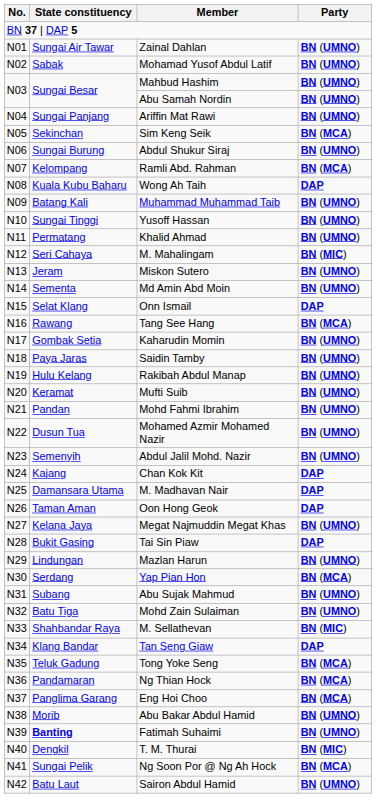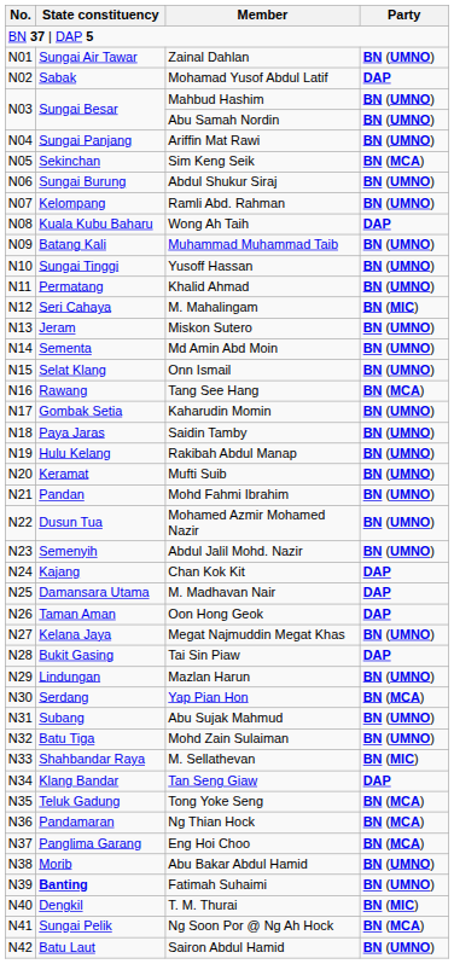 <table class="wikitable sortable">
 <tr>
 <th style="width:30px;">No.</th>
 <th style="width:150px;">State constituency</th>
 <th style="width:230px;">Member</th>
 <th style="width:100px;">Party</th>
 </tr>
 <tr>
 <td colspan="4"><a href='#'>BN</a> <strong>37</strong> | <a href='#'>DAP</a> <strong>5</strong></td>
 </tr>
 <tr>
 <td>N01</td>
 <td><a href='#'>Sungai Air Tawar</a></td>
 <td>Zainal Dahlan</td>
 <td><strong><a href='#'>BN</a></strong> (<strong><a href='#'>UMNO</a></strong>)</td>
 </tr>
 <tr>
 <td>N02</td>
 <td><a href='#'>Sabak</a></td>
 <td>Mohamad Yusof Abdul Latif</td>
-<td><strong><a href='#'>BN</a></strong> (<strong><a href='#'>UMNO</a></strong>)</td>
+<td><strong><a href='#'>DAP</a></strong></td>
 </tr>
 <tr>
 <td rowspan=2>N03</td>
 <td rowspan=2><a href='#'>Sungai Besar</a></td>
 <td>Mahbud Hashim </td>
 <td><strong><a href='#'>BN</a></strong> (<strong><a href='#'>UMNO</a></strong>)</td>
 </tr>
 <tr>
 <td>Abu Samah Nordin </td>
 <td><strong><a href='#'>BN</a></strong> (<strong><a href='#'>UMNO</a></strong>)</td>
 </tr>
 <tr>
 <td>N04</td>
 <td><a href='#'>Sungai Panjang</a></td>
 <td>Ariffin Mat Rawi</td>
 <td><strong><a href='#'>BN</a></strong> (<strong><a href='#'>UMNO</a></strong>)</td>
 </tr>
 <tr>
 <td>N05</td>
 <td><a href='#'>Sekinchan</a></td>
 <td>Sim Keng Seik</td>
 <td><strong><a href='#'>BN</a></strong> (<strong><a href='#'>MCA</a></strong>)</td>
 </tr>
 <tr>
 <td>N06</td>
 <td><a href='#'>Sungai Burung</a></td>
 <td>Abdul Shukur Siraj</td>
 <td><strong><a href='#'>BN</a></strong> (<strong><a href='#'>UMNO</a></strong>)</td>
 </tr>
 <tr>
 <td>N07</td>
 <td><a href='#'>Kelompang</a></td>
 <td>Ramli Abd. Rahman</td>
-<td><strong><a href='#'>BN</a></strong> (<strong><a href='#'>MCA</a></strong>)</td>
+<td><strong><a href='#'>BN</a></strong> (<strong><a href='#'>UMNO</a></strong>)</td>
 </tr>
 <tr>
 <td>N08</td>
 <td><a href='#'>Kuala Kubu Baharu</a></td>
 <td>Wong Ah Taih</td>
 <td><strong><a href='#'>DAP</a></strong></td>
 </tr>
 <tr>
 <td>N09</td>
 <td><a href='#'>Batang Kali</a></td>
 <td><a href='#'>Muhammad Muhammad Taib</a></td>
 <td><strong><a href='#'>BN</a></strong> (<strong><a href='#'>UMNO</a></strong>)</td>
 </tr>
 <tr>
 <td>N10</td>
 <td><a href='#'>Sungai Tinggi</a></td>
 <td>Yusoff Hassan</td>
 <td><strong><a href='#'>BN</a></strong> (<strong><a href='#'>UMNO</a></strong>)</td>
 </tr>
 <tr>
 <td>N11</td>
 <td><a href='#'>Permatang</a></td>
 <td>Khalid Ahmad</td>
 <td><strong><a href='#'>BN</a></strong> (<strong><a href='#'>UMNO</a></strong>)</td>
 </tr>
 <tr>
 <td>N12</td>
 <td><a href='#'>Seri Cahaya</a></td>
 <td>M. Mahalingam</td>
 <td><strong><a href='#'>BN</a></strong> (<strong><a href='#'>MIC</a></strong>)</td>
 </tr>
 <tr>
 <td>N13</td>
 <td><a href='#'>Jeram</a></td>
 <td>Miskon Sutero</td>
 <td><strong><a href='#'>BN</a></strong> (<strong><a href='#'>UMNO</a></strong>)</td>
 </tr>
 <tr>
 <td>N14</td>
 <td><a href='#'>Sementa</a></td>
 <td>Md Amin Abd Moin</td>
 <td><strong><a href='#'>BN</a></strong> (<strong><a href='#'>UMNO</a></strong>)</td>
 </tr>
 <tr>
 <td>N15</td>
 <td><a href='#'>Selat Klang</a></td>
 <td>Onn Ismail</td>
-<td><strong><a href='#'>DAP</a></strong></td>
+<td><strong><a href='#'>BN</a></strong> (<strong><a href='#'>UMNO</a></strong>)</td>
 </tr>
 <tr>
 <td>N16</td>
 <td><a href='#'>Rawang</a></td>
 <td>Tang See Hang</td>
 <td><strong><a href='#'>BN</a></strong> (<strong><a href='#'>MCA</a></strong>)</td>
 </tr>
 <tr>
 <td>N17</td>
 <td><a href='#'>Gombak Setia</a></td>
 <td>Kaharudin Momin</td>
 <td><strong><a href='#'>BN</a></strong> (<strong><a href='#'>UMNO</a></strong>)</td>
 </tr>
 <tr>
 <td>N18</td>
 <td><a href='#'>Paya Jaras</a></td>
 <td>Saidin Tamby</td>
 <td><strong><a href='#'>BN</a></strong> (<strong><a href='#'>UMNO</a></strong>)</td>
 </tr>
 <tr>
 <td>N19</td>
 <td><a href='#'>Hulu Kelang</a></td>
 <td>Rakibah Abdul Manap</td>
 <td><strong><a href='#'>BN</a></strong> (<strong><a href='#'>UMNO</a></strong>)</td>
 </tr>
 <tr>
 <td>N20</td>
 <td><a href='#'>Keramat</a></td>
 <td>Mufti Suib</td>
 <td><strong><a href='#'>BN</a></strong> (<strong><a href='#'>UMNO</a></strong>)</td>
 </tr>
 <tr>
 <td>N21</td>
 <td><a href='#'>Pandan</a></td>
 <td>Mohd Fahmi Ibrahim</td>
 <td><strong><a href='#'>BN</a></strong> (<strong><a href='#'>UMNO</a></strong>)</td>
 </tr>
 <tr>
 <td>N22</td>
 <td><a href='#'>Dusun Tua</a></td>
 <td>Mohamed Azmir Mohamed Nazir</td>
 <td><strong><a href='#'>BN</a></strong> (<strong><a href='#'>UMNO</a></strong>)</td>
 </tr>
 <tr>
 <td>N23</td>
 <td><a href='#'>Semenyih</a></td>
 <td>Abdul Jalil Mohd. Nazir</td>
 <td><strong><a href='#'>BN</a></strong> (<strong><a href='#'>UMNO</a></strong>)</td>
 </tr>
 <tr>
 <td>N24</td>
 <td><a href='#'>Kajang</a></td>
 <td>Chan Kok Kit</td>
 <td><strong><a href='#'>DAP</a></strong></td>
 </tr>
 <tr>
 <td>N25</td>
 <td><a href='#'>Damansara Utama</a></td>
 <td>M. Madhavan Nair</td>
 <td><strong><a href='#'>DAP</a></strong></td>
 </tr>
 <tr>
 <td>N26</td>
 <td><a href='#'>Taman Aman</a></td>
 <td>Oon Hong Geok</td>
 <td><strong><a href='#'>DAP</a></strong></td>
 </tr>
 <tr>
 <td>N27</td>
 <td><a href='#'>Kelana Jaya</a></td>
 <td>Megat Najmuddin Megat Khas</td>
 <td><strong><a href='#'>BN</a></strong> (<strong><a href='#'>UMNO</a></strong>)</td>
 </tr>
 <tr>
 <td>N28</td>
 <td><a href='#'>Bukit Gasing</a></td>
 <td>Tai Sin Piaw</td>
 <td><strong><a href='#'>DAP</a></strong></td>
 </tr>
 <tr>
 <td>N29</td>
 <td><a href='#'>Lindungan</a></td>
 <td>Mazlan Harun</td>
 <td><strong><a href='#'>BN</a></strong> (<strong><a href='#'>UMNO</a></strong>)</td>
 </tr>
 <tr>
 <td>N30</td>
 <td><a href='#'>Serdang</a></td>
 <td><a href='#'>Yap Pian Hon</a></td>
 <td><strong><a href='#'>BN</a></strong> (<strong><a href='#'>MCA</a></strong>)</td>
 </tr>
 <tr>
 <td>N31</td>
 <td><a href='#'>Subang</a></td>
 <td>Abu Sujak Mahmud</td>
 <td><strong><a href='#'>BN</a></strong> (<strong><a href='#'>UMNO</a></strong>)</td>
 </tr>
 <tr>
 <td>N32</td>
 <td><a href='#'>Batu Tiga</a></td>
 <td>Mohd Zain Sulaiman</td>
 <td><strong><a href='#'>BN</a></strong> (<strong><a href='#'>UMNO</a></strong>)</td>
 </tr>
 <tr>
 <td>N33</td>
 <td><a href='#'>Shahbandar Raya</a></td>
 <td>M. Sellathevan</td>
 <td><strong><a href='#'>BN</a></strong> (<strong><a href='#'>MIC</a></strong>)</td>
 </tr>
 <tr>
 <td>N34</td>
 <td><a href='#'>Klang Bandar</a></td>
 <td><a href='#'>Tan Seng Giaw</a></td>
 <td><strong><a href='#'>DAP</a></strong></td>
 </tr>
 <tr>
 <td>N35</td>
 <td><a href='#'>Teluk Gadung</a></td>
 <td>Tong Yoke Seng</td>
 <td><strong><a href='#'>BN</a></strong> (<strong><a href='#'>MCA</a></strong>)</td>
 </tr>
 <tr>
 <td>N36</td>
 <td><a href='#'>Pandamaran</a></td>
 <td>Ng Thian Hock</td>
 <td><strong><a href='#'>BN</a></strong> (<strong><a href='#'>MCA</a></strong>)</td>
 </tr>
 <tr>
 <td>N37</td>
 <td><a href='#'>Panglima Garang</a></td>
 <td>Eng Hoi Choo</td>
 <td><strong><a href='#'>BN</a></strong> (<strong><a href='#'>MCA</a></strong>)</td>
 </tr>
 <tr>
 <td>N38</td>
 <td><a href='#'>Morib</a></td>
 <td>Abu Bakar Abdul Hamid</td>
 <td><strong><a href='#'>BN</a></strong> (<strong><a href='#'>UMNO</a></strong>)</td>
 </tr>
 <tr>
 <td>N39</td>
 <td><strong><a href='#'>Banting</a></strong></td>
 <td>Fatimah Suhaimi</td>
 <td><strong><a href='#'>BN</a></strong> (<strong><a href='#'>UMNO</a></strong>)</td>
 </tr>
 <tr>
 <td>N40</td>
 <td><a href='#'>Dengkil</a></td>
 <td>T. M. Thurai</td>
 <td><strong><a href='#'>BN</a></strong> (<strong><a href='#'>MIC</a></strong>)</td>
 </tr>
 <tr>
 <td>N41</td>
 <td><a href='#'>Sungai Pelik</a></td>
 <td>Ng Soon Por @ Ng Ah Hock</td>
 <td><strong><a href='#'>BN</a></strong> (<strong><a href='#'>MCA</a></strong>)</td>
 </tr>
 <tr>
 <td>N42</td>
 <td><a href='#'>Batu Laut</a></td>
 <td>Sairon Abdul Hamid</td>
 <td><strong><a href='#'>BN</a></strong> (<strong><a href='#'>UMNO</a></strong>)</td>
 </tr>
 </table>
